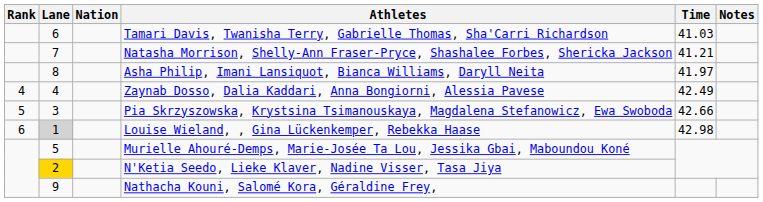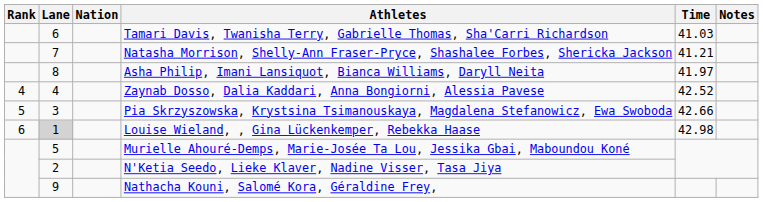 <table class="wikitable sortable" style="text-align:center">
 <tr>
 <th>Rank</th>
 <th>Lane</th>
 <th>Nation</th>
 <th>Athletes</th>
 <th>Time</th>
 <th>Notes</th>
 </tr>
 <tr>
 <td></td>
 <td>6</td>
 <td align="left"></td>
 <td align=left><a href='#'>Tamari Davis</a>, <a href='#'>Twanisha Terry</a>, <a href='#'>Gabrielle Thomas</a>, <a href='#'>Sha'Carri Richardson</a></td>
 <td>41.03</td>
 <td></td>
 </tr>
 <tr>
 <td></td>
 <td>7</td>
 <td align="left"></td>
 <td align="left"><a href='#'>Natasha Morrison</a>, <a href='#'>Shelly-Ann Fraser-Pryce</a>, <a href='#'>Shashalee Forbes</a>, <a href='#'>Shericka Jackson</a></td>
 <td>41.21</td>
 <td></td>
 </tr>
 <tr>
 <td></td>
 <td>8</td>
 <td align="left"></td>
 <td align="left"><a href='#'>Asha Philip</a>, <a href='#'>Imani Lansiquot</a>, <a href='#'>Bianca Williams</a>, <a href='#'>Daryll Neita</a></td>
 <td>41.97</td>
 <td></td>
 </tr>
 <tr>
 <td>4</td>
 <td>4</td>
 <td align="left"></td>
 <td align="left"><a href='#'>Zaynab Dosso</a>, <a href='#'>Dalia Kaddari</a>, <a href='#'>Anna Bongiorni</a>, <a href='#'>Alessia Pavese</a></td>
-<td>42.49</td>
+<td>42.52</td>
 <td></td>
 </tr>
 <tr>
 <td>5</td>
 <td>3</td>
 <td align="left"></td>
 <td align="left"><a href='#'>Pia Skrzyszowska</a>, <a href='#'>Krystsina Tsimanouskaya</a>, <a href='#'>Magdalena Stefanowicz</a>, <a href='#'>Ewa Swoboda</a></td>
 <td>42.66</td>
 <td></td>
 </tr>
 <tr>
 <td>6</td>
 <td style="background: lightgrey;">1</td>
 <td align=left></td>
 <td align="left"><a href='#'>Louise Wieland</a>, , <a href='#'>Gina Lückenkemper</a>, <a href='#'>Rebekka Haase</a></td>
 <td>42.98</td>
 <td></td>
 </tr>
 <tr>
 <td rowspan=3></td>
 <td>5</td>
 <td align=left></td>
 <td align="left"><a href='#'>Murielle Ahouré-Demps</a>, <a href='#'>Marie-Josée Ta Lou</a>, <a href='#'>Jessika Gbai</a>, <a href='#'>Maboundou Koné</a></td>
 <td colspan=2 rowspan=2></td>
 </tr>
 <tr>
-<td style="background: gold;">2</td>
+<td>2</td>
 <td align="left"></td>
 <td align="left"><a href='#'>N'Ketia Seedo</a>, <a href='#'>Lieke Klaver</a>, <a href='#'>Nadine Visser</a>, <a href='#'>Tasa Jiya</a></td>
 </tr>
 <tr>
 <td>9</td>
 <td align=left></td>
 <td align="left"><a href='#'>Nathacha Kouni</a>, <a href='#'>Salomé Kora</a>, <a href='#'>Géraldine Frey</a>, </td>
 <td></td>
 <td></td>
 </tr>
 </table>
